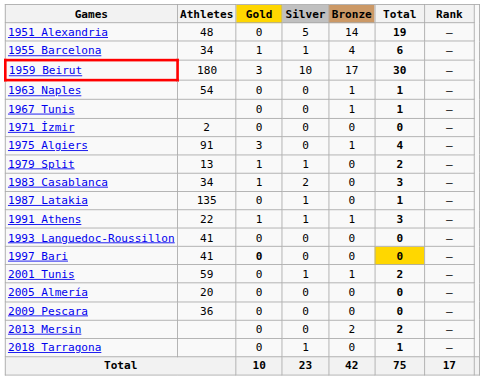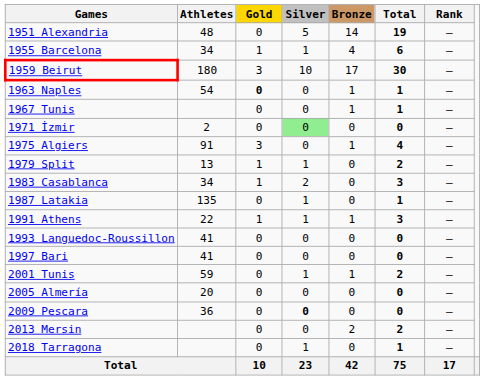 <table class="wikitable" style="text-align:center; font-size:98%;">
 <tr>
 <th>Games</th>
 <th>Athletes</th>
 <td style="background:gold; width:3.7em; font-weight:bold;">Gold</td>
 <td style="background:silver; width:3.7em; font-weight:bold;">Silver</td>
 <td style="background:#c96; width:3.7em; font-weight:bold;">Bronze</td>
 <th style="width:4em; font-weight:bold;">Total</th>
 <th style="width:4em; font-weight:bold;">Rank</th>
 </tr>
 <tr>
 <td align=left><a href='#'>1951 Alexandria</a></td>
 <td>48</td>
 <td>0</td>
 <td>5</td>
 <td>14</td>
 <td><strong>19</strong></td>
 <td>—</td>
 </tr>
 <tr>
 <td align=left><a href='#'>1955 Barcelona</a></td>
 <td>34</td>
 <td>1</td>
 <td>1</td>
 <td>4</td>
 <td><strong>6</strong></td>
 <td>—</td>
 </tr>
 <tr>
 <td align=left style="border: 3px solid red"><a href='#'>1959 Beirut</a></td>
 <td>180</td>
 <td>3</td>
 <td>10</td>
 <td>17</td>
 <td><strong>30</strong></td>
 <td>—</td>
 </tr>
 <tr>
 <td align=left><a href='#'>1963 Naples</a></td>
 <td>54</td>
-<td>0</td>
+<td><strong>0</strong></td>
 <td>0</td>
 <td>1</td>
 <td><strong>1</strong></td>
 <td>—</td>
 </tr>
 <tr>
 <td align=left><a href='#'>1967 Tunis</a></td>
 <td></td>
 <td>0</td>
 <td>0</td>
 <td>1</td>
 <td><strong>1</strong></td>
 <td>—</td>
 </tr>
 <tr>
 <td align=left><a href='#'>1971 İzmir</a></td>
 <td>2</td>
 <td>0</td>
-<td>0</td>
+<td style="background: lightgreen;">0</td>
 <td>0</td>
 <td><strong>0</strong></td>
 <td>—</td>
 </tr>
 <tr>
 <td align=left><a href='#'>1975 Algiers</a></td>
 <td>91</td>
 <td>3</td>
 <td>0</td>
 <td>1</td>
 <td><strong>4</strong></td>
 <td>—</td>
 </tr>
 <tr>
 <td align=left><a href='#'>1979 Split</a></td>
 <td>13</td>
 <td>1</td>
 <td>1</td>
 <td>0</td>
 <td><strong>2</strong></td>
 <td>—</td>
 </tr>
 <tr>
 <td align=left><a href='#'>1983 Casablanca</a></td>
 <td>34</td>
 <td>1</td>
 <td>2</td>
 <td>0</td>
 <td><strong>3</strong></td>
 <td>—</td>
 </tr>
 <tr>
 <td align=left><a href='#'>1987 Latakia</a></td>
 <td>135</td>
 <td>0</td>
 <td>1</td>
 <td>0</td>
 <td><strong>1</strong></td>
 <td>—</td>
 </tr>
 <tr>
 <td align=left><a href='#'>1991 Athens</a></td>
 <td>22</td>
 <td>1</td>
 <td>1</td>
 <td>1</td>
 <td><strong>3</strong></td>
 <td>—</td>
 </tr>
 <tr>
 <td align=left><a href='#'>1993 Languedoc-Roussillon</a></td>
 <td>41</td>
 <td>0</td>
 <td>0</td>
 <td>0</td>
 <td><strong>0</strong></td>
 <td>—</td>
 </tr>
 <tr>
 <td align=left><a href='#'>1997 Bari</a></td>
 <td>41</td>
-<td><strong>0</strong></td>
 <td>0</td>
 <td>0</td>
-<td style="background: gold;"><strong>0</strong></td>
+<td>0</td>
+<td><strong>0</strong></td>
 <td>—</td>
 </tr>
 <tr>
 <td align=left><a href='#'>2001 Tunis</a></td>
 <td>59</td>
 <td>0</td>
 <td>1</td>
 <td>1</td>
 <td><strong>2</strong></td>
 <td>—</td>
 </tr>
 <tr>
 <td align=left><a href='#'>2005 Almería</a></td>
 <td>20</td>
 <td>0</td>
 <td>0</td>
 <td>0</td>
 <td><strong>0</strong></td>
 <td>—</td>
 </tr>
 <tr>
 <td align=left><a href='#'>2009 Pescara</a></td>
 <td>36</td>
 <td>0</td>
-<td>0</td>
+<td><strong>0</strong></td>
 <td>0</td>
 <td><strong>0</strong></td>
 <td>—</td>
 </tr>
 <tr>
 <td align=left><a href='#'>2013 Mersin</a></td>
 <td></td>
 <td>0</td>
 <td>0</td>
 <td>2</td>
 <td><strong>2</strong></td>
 <td>—</td>
 </tr>
 <tr>
 <td align=left><a href='#'>2018 Tarragona</a></td>
 <td></td>
 <td>0</td>
 <td>1</td>
 <td>0</td>
 <td><strong>1</strong></td>
 <td>—</td>
 </tr>
 <tr>
 <th colspan=2>Total</th>
 <th>10</th>
 <th>23</th>
 <th>42</th>
 <th>75</th>
 <th>17</th>
 <th></th>
 </tr>
 </table>
